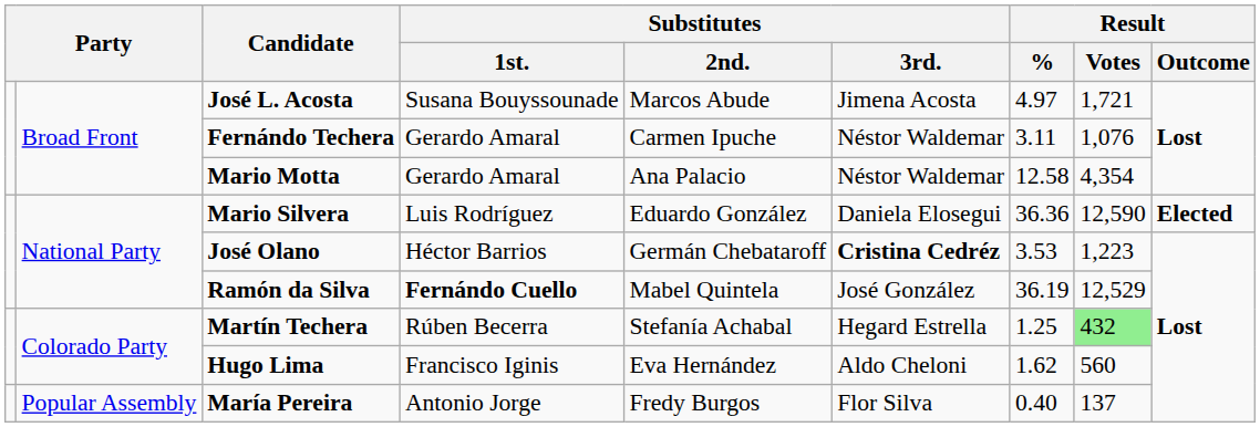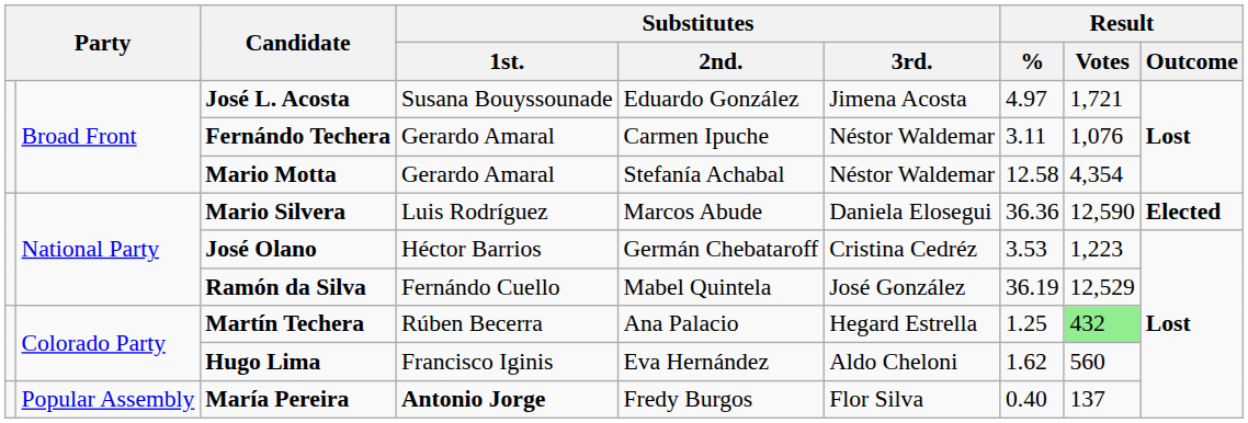 <table class="wikitable">
 <tr>
 <th colspan="2" rowspan="2">Party</th>
 <th rowspan="2">Candidate</th>
 <th colspan="3">Substitutes</th>
 <th colspan="3">Result</th>
 </tr>
 <tr>
 <th>1st.</th>
 <th>2nd.</th>
 <th>3rd.</th>
 <th>%</th>
 <th>Votes</th>
 <th>Outcome</th>
 </tr>
 <tr>
 <td rowspan="3" style="background:"></td>
 <td rowspan="3"><a href='#'>Broad Front</a></td>
 <td><strong>José L. Acosta</strong></td>
 <td>Susana Bouyssounade</td>
-<td>Marcos Abude</td>
+<td>Eduardo González</td>
 <td>Jimena Acosta</td>
 <td>4.97</td>
 <td>1,721</td>
 <td rowspan="3"><strong>Lost</strong> </td>
 </tr>
 <tr>
 <td><strong>Fernándo Techera</strong></td>
 <td>Gerardo Amaral</td>
 <td>Carmen Ipuche</td>
 <td>Néstor Waldemar</td>
 <td>3.11</td>
 <td>1,076</td>
 </tr>
 <tr>
 <td><strong>Mario Motta</strong></td>
 <td>Gerardo Amaral</td>
-<td>Ana Palacio</td>
+<td>Stefanía Achabal</td>
 <td>Néstor Waldemar</td>
 <td>12.58</td>
 <td>4,354</td>
 </tr>
 <tr>
 <td rowspan="3" style="background:"></td>
 <td rowspan="3"><a href='#'>National Party</a></td>
 <td><strong>Mario Silvera</strong></td>
 <td>Luis Rodríguez</td>
-<td>Eduardo González</td>
+<td>Marcos Abude</td>
 <td>Daniela Elosegui</td>
 <td>36.36</td>
 <td>12,590</td>
 <td><strong>Elected</strong> </td>
 </tr>
 <tr>
 <td><strong>José Olano</strong></td>
 <td>Héctor Barrios</td>
 <td>Germán Chebataroff</td>
-<td><strong>Cristina Cedréz</strong></td>
+<td>Cristina Cedréz</td>
 <td>3.53</td>
 <td>1,223</td>
 <td rowspan="5"><strong>Lost</strong> </td>
 </tr>
 <tr>
 <td><strong>Ramón da Silva</strong></td>
-<td><strong>Fernándo Cuello</strong></td>
+<td>Fernándo Cuello</td>
 <td>Mabel Quintela</td>
 <td>José González</td>
 <td>36.19</td>
 <td>12,529</td>
 </tr>
 <tr>
 <td rowspan="2" style="background:"></td>
 <td rowspan="2"><a href='#'>Colorado Party</a></td>
 <td><strong>Martín Techera</strong></td>
 <td>Rúben Becerra</td>
-<td>Stefanía Achabal</td>
+<td>Ana Palacio</td>
 <td>Hegard Estrella</td>
 <td>1.25</td>
 <td style="background: lightgreen;">432</td>
 </tr>
 <tr>
 <td><strong>Hugo Lima</strong></td>
 <td>Francisco Iginis</td>
 <td>Eva Hernández</td>
 <td>Aldo Cheloni</td>
 <td>1.62</td>
 <td>560</td>
 </tr>
 <tr>
 <td style="background:"></td>
 <td><a href='#'>Popular Assembly</a></td>
 <td><strong>María Pereira</strong></td>
-<td>Antonio Jorge</td>
+<td><strong>Antonio Jorge</strong></td>
 <td>Fredy Burgos</td>
 <td>Flor Silva</td>
 <td>0.40</td>
 <td>137</td>
 </tr>
 </table>
